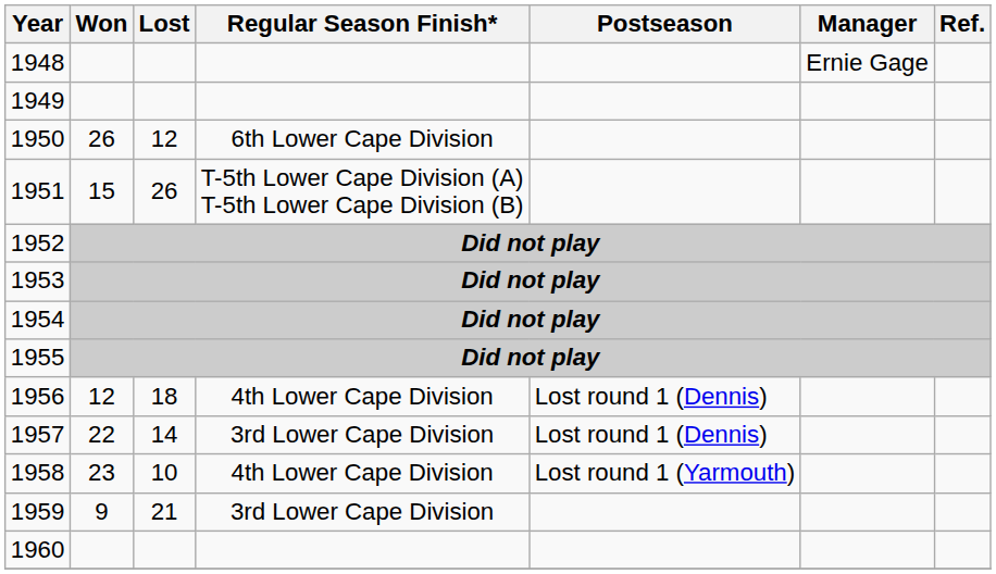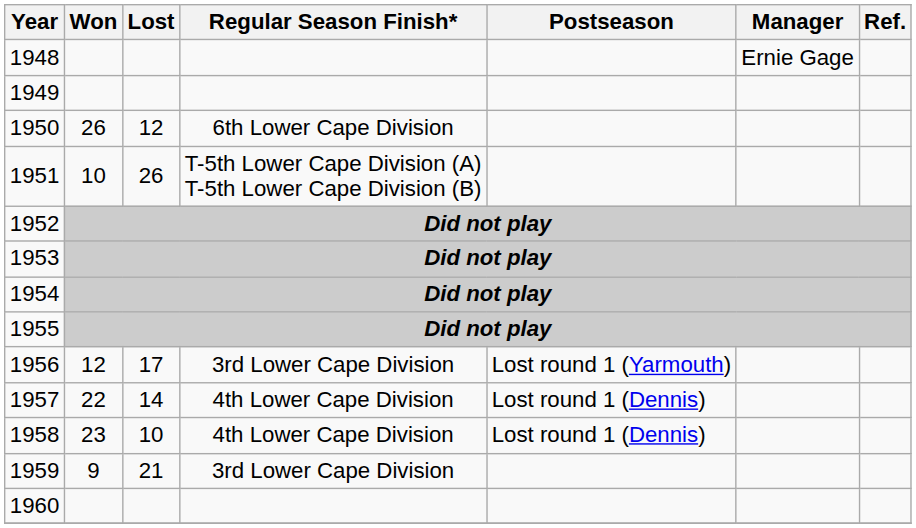 <table class="wikitable" style="text-align:center">
 <tr>
 <th scope="col">Year</th>
 <th scope="col">Won</th>
 <th scope="col">Lost</th>
 <th scope="col">Regular Season Finish*</th>
 <th scope="col">Postseason</th>
 <th scope="col">Manager</th>
 <th scope="col">Ref.</th>
 </tr>
 <tr>
 <td>1948</td>
 <td></td>
 <td></td>
 <td></td>
 <td></td>
 <td>Ernie Gage</td>
 <td></td>
 </tr>
 <tr>
 <td>1949</td>
 <td></td>
 <td></td>
 <td></td>
 <td></td>
 <td></td>
 <td></td>
 </tr>
 <tr>
 <td>1950</td>
 <td>26</td>
 <td>12</td>
 <td>6th Lower Cape Division</td>
 <td></td>
 <td></td>
 <td></td>
 </tr>
 <tr>
 <td>1951</td>
-<td>15</td>
+<td>10</td>
 <td>26</td>
 <td>T-5th Lower Cape Division (A)<br>T-5th Lower Cape Division (B)</td>
 <td></td>
 <td></td>
 <td></td>
 </tr>
 <tr>
 <td>1952</td>
 <td colspan="6" align="center" bgcolor=#cccccc><strong><em>Did not play</em></strong></td>
 </tr>
 <tr>
 <td>1953</td>
 <td colspan="6" align="center" bgcolor=#cccccc><strong><em>Did not play</em></strong></td>
 </tr>
 <tr>
 <td>1954</td>
 <td colspan="6" align="center" bgcolor=#cccccc><strong><em>Did not play</em></strong></td>
 </tr>
 <tr>
 <td>1955</td>
 <td colspan="6" align="center" bgcolor=#cccccc><strong><em>Did not play</em></strong></td>
 </tr>
 <tr>
 <td>1956</td>
 <td>12</td>
-<td>18</td>
-<td>4th Lower Cape Division</td>
-<td style="text-align:left">Lost round 1 (<a href='#'>Dennis</a>)</td>
+<td>17</td>
+<td>3rd Lower Cape Division</td>
+<td style="text-align:left">Lost round 1 (<a href='#'>Yarmouth</a>)</td>
 <td></td>
 <td></td>
 </tr>
 <tr>
 <td>1957</td>
 <td>22</td>
 <td>14</td>
-<td>3rd Lower Cape Division</td>
+<td>4th Lower Cape Division</td>
 <td style="text-align:left">Lost round 1 (<a href='#'>Dennis</a>)</td>
 <td></td>
 <td></td>
 </tr>
 <tr>
 <td>1958</td>
 <td>23</td>
 <td>10</td>
 <td>4th Lower Cape Division</td>
-<td style="text-align:left">Lost round 1 (<a href='#'>Yarmouth</a>)</td>
+<td style="text-align:left">Lost round 1 (<a href='#'>Dennis</a>)</td>
 <td></td>
 <td></td>
 </tr>
 <tr>
 <td>1959</td>
 <td>9</td>
 <td>21</td>
 <td>3rd Lower Cape Division</td>
 <td></td>
 <td></td>
 <td></td>
 </tr>
 <tr>
 <td>1960</td>
 <td></td>
 <td></td>
 <td></td>
 <td></td>
 <td></td>
 <td></td>
 </tr>
 <tr>
 </tr>
 </table>
